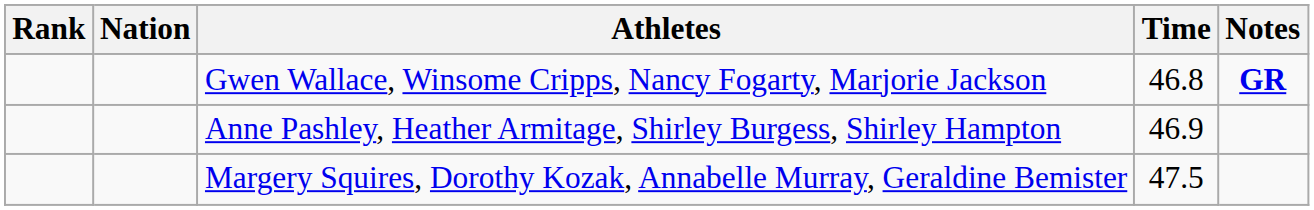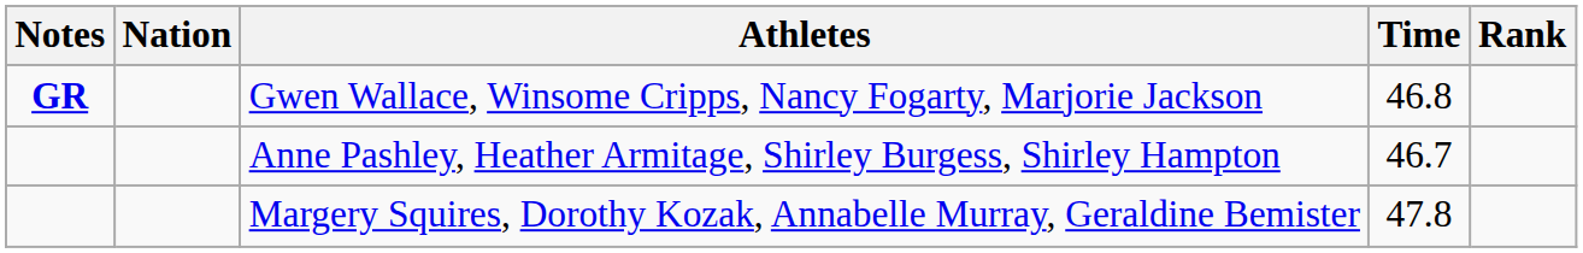 <table class="wikitable sortable" style="text-align:center">
 <tr>
-<th>Rank</th>
+<th>Notes</th>
 <th>Nation</th>
 <th>Athletes</th>
 <th>Time</th>
-<th>Notes</th>
+<th>Rank</th>
 </tr>
 <tr>
-<td></td>
+<td><strong><a href='#'>GR</a></strong></td>
 <td align=left></td>
 <td align=left><a href='#'>Gwen Wallace</a>, <a href='#'>Winsome Cripps</a>, <a href='#'>Nancy Fogarty</a>, <a href='#'>Marjorie Jackson</a></td>
 <td>46.8</td>
-<td><strong><a href='#'>GR</a></strong></td>
+<td></td>
 </tr>
 <tr>
 <td></td>
 <td align=left></td>
 <td align=left><a href='#'>Anne Pashley</a>, <a href='#'>Heather Armitage</a>, <a href='#'>Shirley Burgess</a>, <a href='#'>Shirley Hampton</a></td>
-<td>46.9</td>
+<td>46.7</td>
 <td></td>
 </tr>
 <tr>
 <td></td>
 <td align=left></td>
 <td align=left><a href='#'>Margery Squires</a>, <a href='#'>Dorothy Kozak</a>, <a href='#'>Annabelle Murray</a>, <a href='#'>Geraldine Bemister</a></td>
-<td>47.5</td>
+<td>47.8</td>
 <td></td>
 </tr>
 </table>
